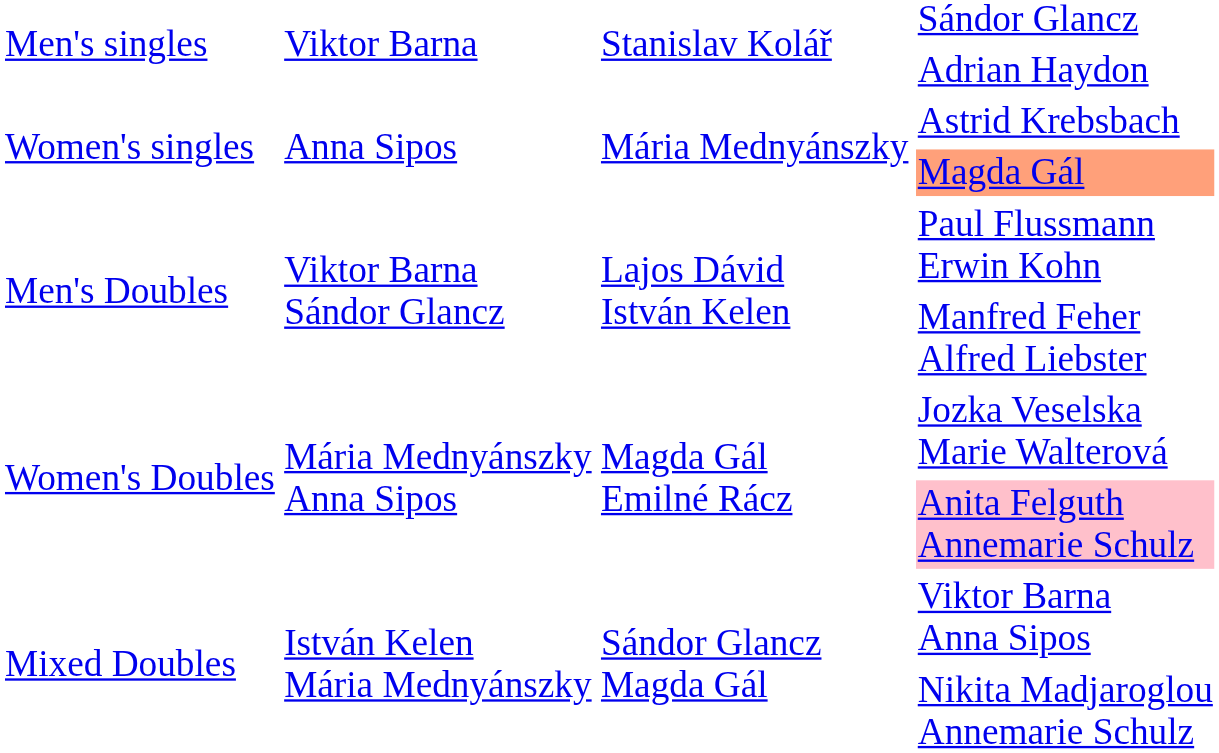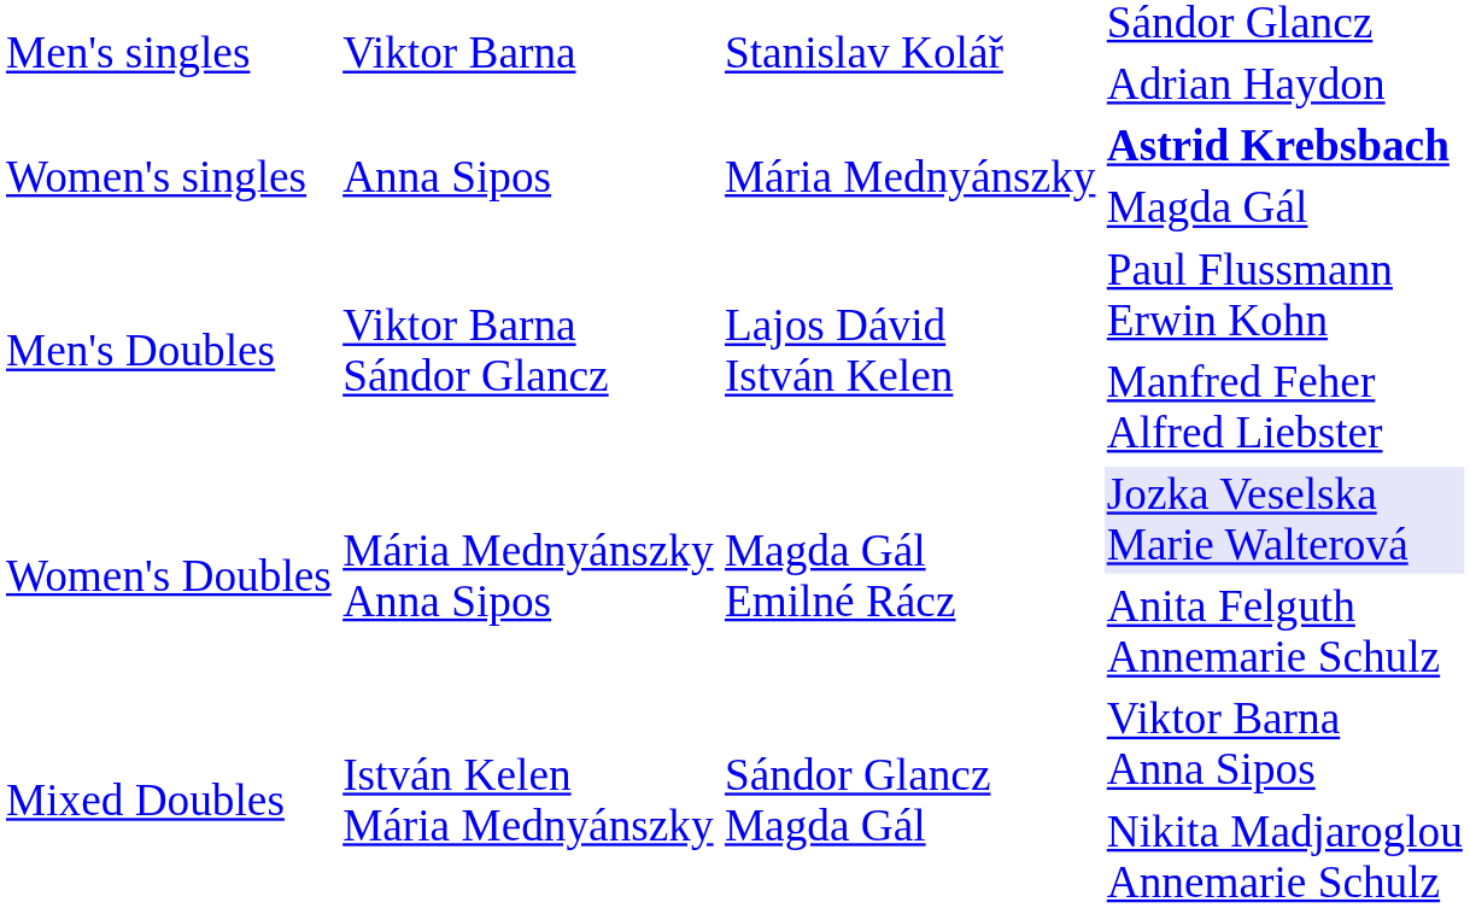 <table>
 <tr>
 <td rowspan=2><a href='#'>Men's singles</a></td>
 <td rowspan=2> <a href='#'>Viktor Barna</a></td>
 <td rowspan=2> <a href='#'>Stanislav Kolář</a></td>
 <td> <a href='#'>Sándor Glancz</a></td>
 </tr>
 <tr>
 <td> <a href='#'>Adrian Haydon</a></td>
 </tr>
 <tr>
 <td rowspan=2><a href='#'>Women's singles</a></td>
 <td rowspan=2> <a href='#'>Anna Sipos</a></td>
 <td rowspan=2> <a href='#'>Mária Mednyánszky</a></td>
-<td> <a href='#'>Astrid Krebsbach</a></td>
+<td><strong> <a href='#'>Astrid Krebsbach</a></strong></td>
 </tr>
 <tr>
-<td style="background: lightsalmon;"> <a href='#'>Magda Gál</a></td>
+<td> <a href='#'>Magda Gál</a></td>
 </tr>
 <tr>
 <td rowspan=2><a href='#'>Men's Doubles</a></td>
 <td rowspan=2> <a href='#'>Viktor Barna</a><br> <a href='#'>Sándor Glancz</a></td>
 <td rowspan=2> <a href='#'>Lajos Dávid</a><br> <a href='#'>István Kelen</a></td>
 <td> <a href='#'>Paul Flussmann</a><br> <a href='#'>Erwin Kohn</a></td>
 </tr>
 <tr>
 <td> <a href='#'>Manfred Feher</a><br> <a href='#'>Alfred Liebster</a></td>
 </tr>
 <tr>
 <td rowspan=2><a href='#'>Women's Doubles</a></td>
 <td rowspan=2> <a href='#'>Mária Mednyánszky</a><br> <a href='#'>Anna Sipos</a></td>
 <td rowspan=2> <a href='#'>Magda Gál</a><br> <a href='#'>Emilné Rácz</a></td>
-<td> <a href='#'>Jozka Veselska</a><br> <a href='#'>Marie Walterová</a></td>
+<td style="background: lavender;"> <a href='#'>Jozka Veselska</a><br> <a href='#'>Marie Walterová</a></td>
 </tr>
 <tr>
-<td style="background: pink;"> <a href='#'>Anita Felguth</a><br> <a href='#'>Annemarie Schulz</a></td>
+<td> <a href='#'>Anita Felguth</a><br> <a href='#'>Annemarie Schulz</a></td>
 </tr>
 <tr>
 <td rowspan=2><a href='#'>Mixed Doubles</a></td>
 <td rowspan=2> <a href='#'>István Kelen</a><br> <a href='#'>Mária Mednyánszky</a></td>
 <td rowspan=2> <a href='#'>Sándor Glancz</a><br> <a href='#'>Magda Gál</a></td>
 <td> <a href='#'>Viktor Barna</a><br> <a href='#'>Anna Sipos</a></td>
 </tr>
 <tr>
 <td> <a href='#'>Nikita Madjaroglou</a><br> <a href='#'>Annemarie Schulz</a></td>
 </tr>
 </table>
